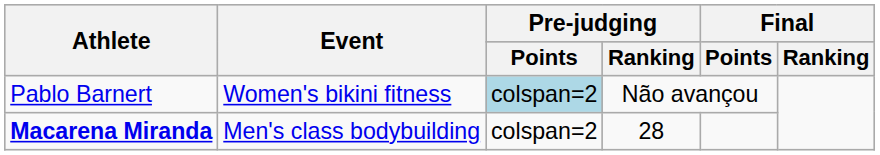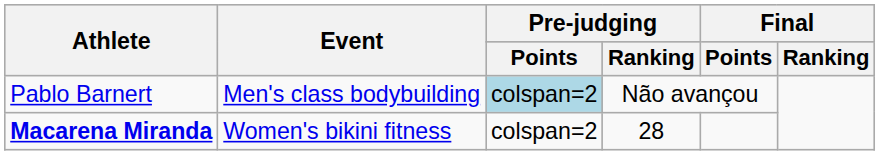 <table class=wikitable style="font-size:90%">
 <tr>
 <th rowspan="2">Athlete</th>
 <th rowspan="2">Event</th>
 <th colspan="2">Pre-judging</th>
 <th colspan="2">Final</th>
 </tr>
 <tr style="font-size:95%">
 <th>Points</th>
 <th>Ranking</th>
 <th>Points</th>
 <th>Ranking</th>
 </tr>
 <tr align=center>
 <td align=left><a href='#'>Pablo Barnert</a></td>
-<td align=left><a href='#'>Women's bikini fitness</a></td>
+<td align=left><a href='#'>Men's class bodybuilding</a></td>
 <td style="background: lightblue;">colspan=2 </td>
 <td colspan=2>Não avançou</td>
 </tr>
 <tr align=center>
 <td align=left><strong><a href='#'>Macarena Miranda</a></strong></td>
-<td align=left><a href='#'>Men's class bodybuilding</a></td>
+<td align=left><a href='#'>Women's bikini fitness</a></td>
 <td>colspan=2 </td>
 <td>28</td>
 <td></td>
 </tr>
 </table>
